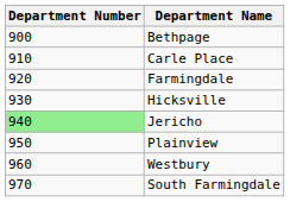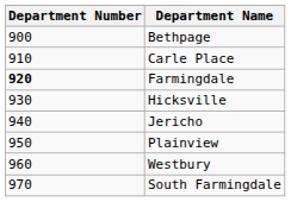 <table class="wikitable mw-collapsible">
 <tr valign="bottom">
 <th>Department Number</th>
 <th>Department Name</th>
 </tr>
 <tr>
 <td>900</td>
 <td>Bethpage</td>
 </tr>
 <tr>
 <td>910</td>
 <td>Carle Place</td>
 </tr>
 <tr>
-<td>920</td>
+<td><strong>920</strong></td>
 <td>Farmingdale</td>
 </tr>
 <tr>
 <td>930</td>
 <td>Hicksville</td>
 </tr>
 <tr>
-<td style="background: lightgreen;">940</td>
+<td>940</td>
 <td>Jericho</td>
 </tr>
 <tr>
 <td>950</td>
 <td>Plainview</td>
 </tr>
 <tr>
 <td>960</td>
 <td>Westbury</td>
 </tr>
 <tr>
 <td>970</td>
 <td>South Farmingdale</td>
 </tr>
 </table>
